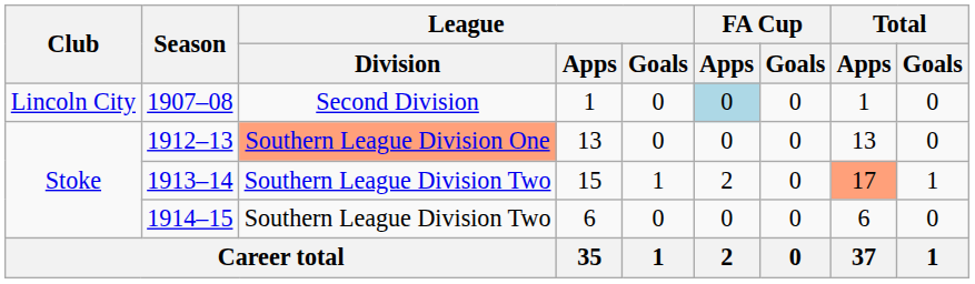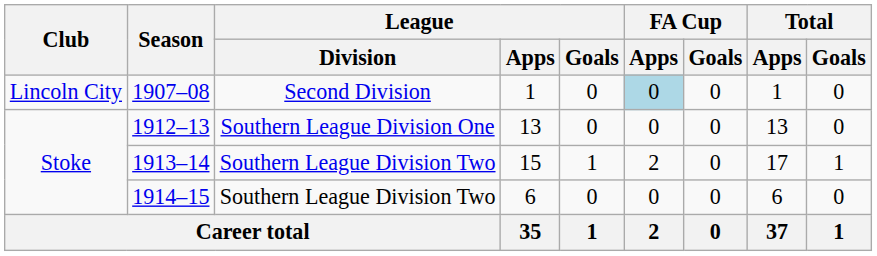 <table class="wikitable" style="text-align: center;">
 <tr>
 <th rowspan="2">Club</th>
 <th rowspan="2">Season</th>
 <th colspan="3">League</th>
 <th colspan="2">FA Cup</th>
 <th colspan="2">Total</th>
 </tr>
 <tr>
 <th>Division</th>
 <th>Apps</th>
 <th>Goals</th>
 <th>Apps</th>
 <th>Goals</th>
 <th>Apps</th>
 <th>Goals</th>
 </tr>
 <tr>
 <td><a href='#'>Lincoln City</a></td>
 <td><a href='#'>1907–08</a></td>
 <td><a href='#'>Second Division</a></td>
 <td>1</td>
 <td>0</td>
 <td style="background: lightblue;">0</td>
 <td>0</td>
 <td>1</td>
 <td>0</td>
 </tr>
 <tr>
 <td rowspan="3"><a href='#'>Stoke</a></td>
 <td><a href='#'>1912–13</a></td>
-<td style="background: lightsalmon;"><a href='#'>Southern League Division One</a></td>
+<td><a href='#'>Southern League Division One</a></td>
 <td>13</td>
 <td>0</td>
 <td>0</td>
 <td>0</td>
 <td>13</td>
 <td>0</td>
 </tr>
 <tr>
 <td><a href='#'>1913–14</a></td>
 <td><a href='#'>Southern League Division Two</a></td>
 <td>15</td>
 <td>1</td>
 <td>2</td>
 <td>0</td>
-<td style="background: lightsalmon;">17</td>
+<td>17</td>
 <td>1</td>
 </tr>
 <tr>
 <td><a href='#'>1914–15</a></td>
 <td>Southern League Division Two</td>
 <td>6</td>
 <td>0</td>
 <td>0</td>
 <td>0</td>
 <td>6</td>
 <td>0</td>
 </tr>
 <tr>
 <th colspan="3">Career total</th>
 <th>35</th>
 <th>1</th>
 <th>2</th>
 <th>0</th>
 <th>37</th>
 <th>1</th>
 </tr>
 </table>
